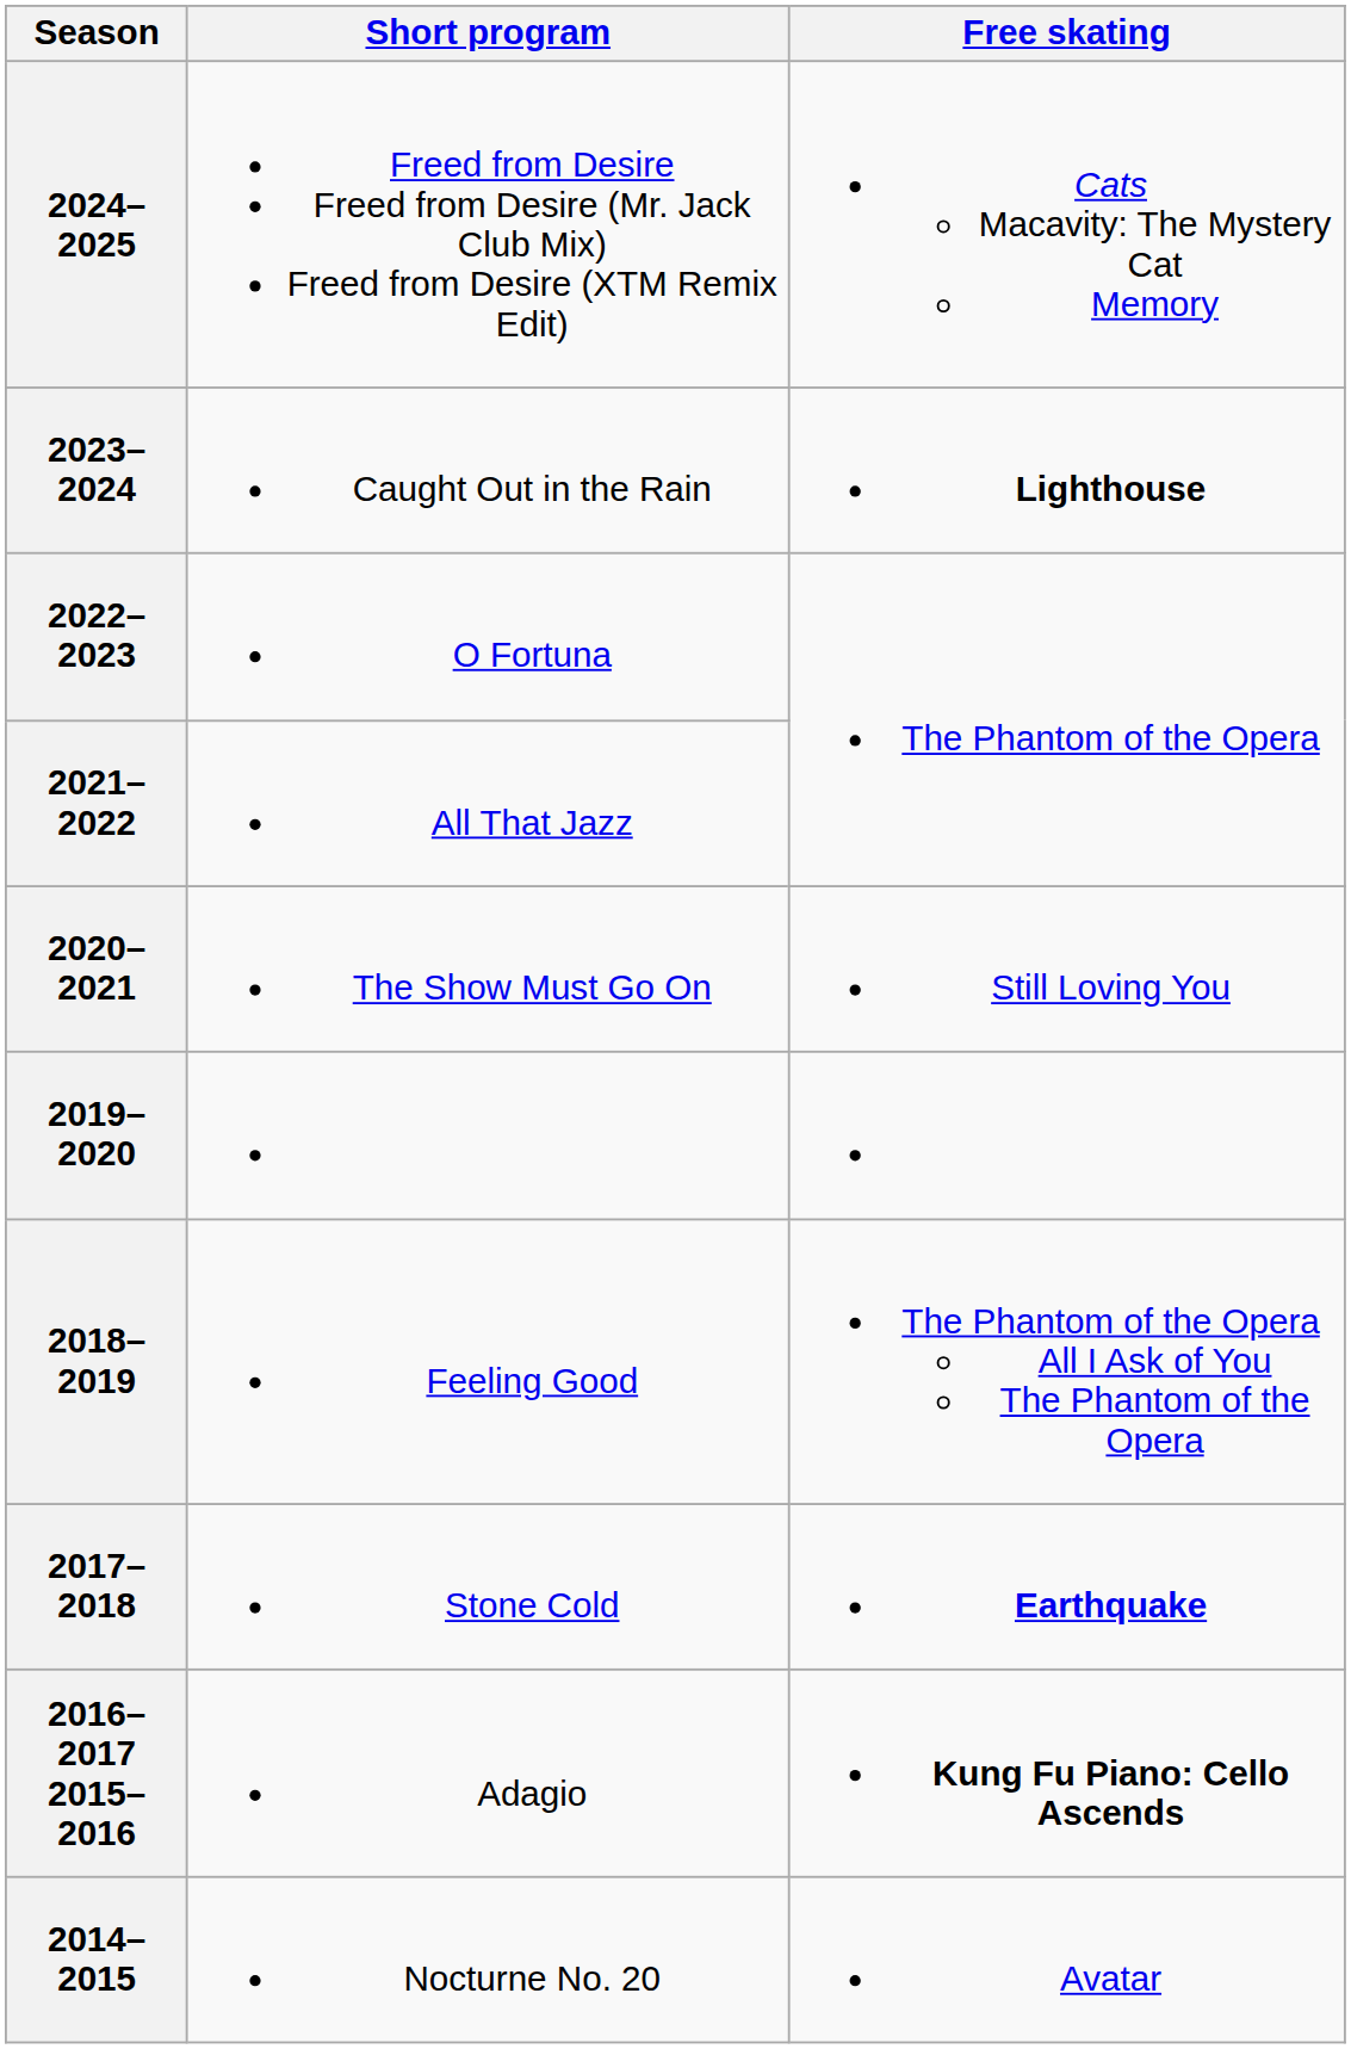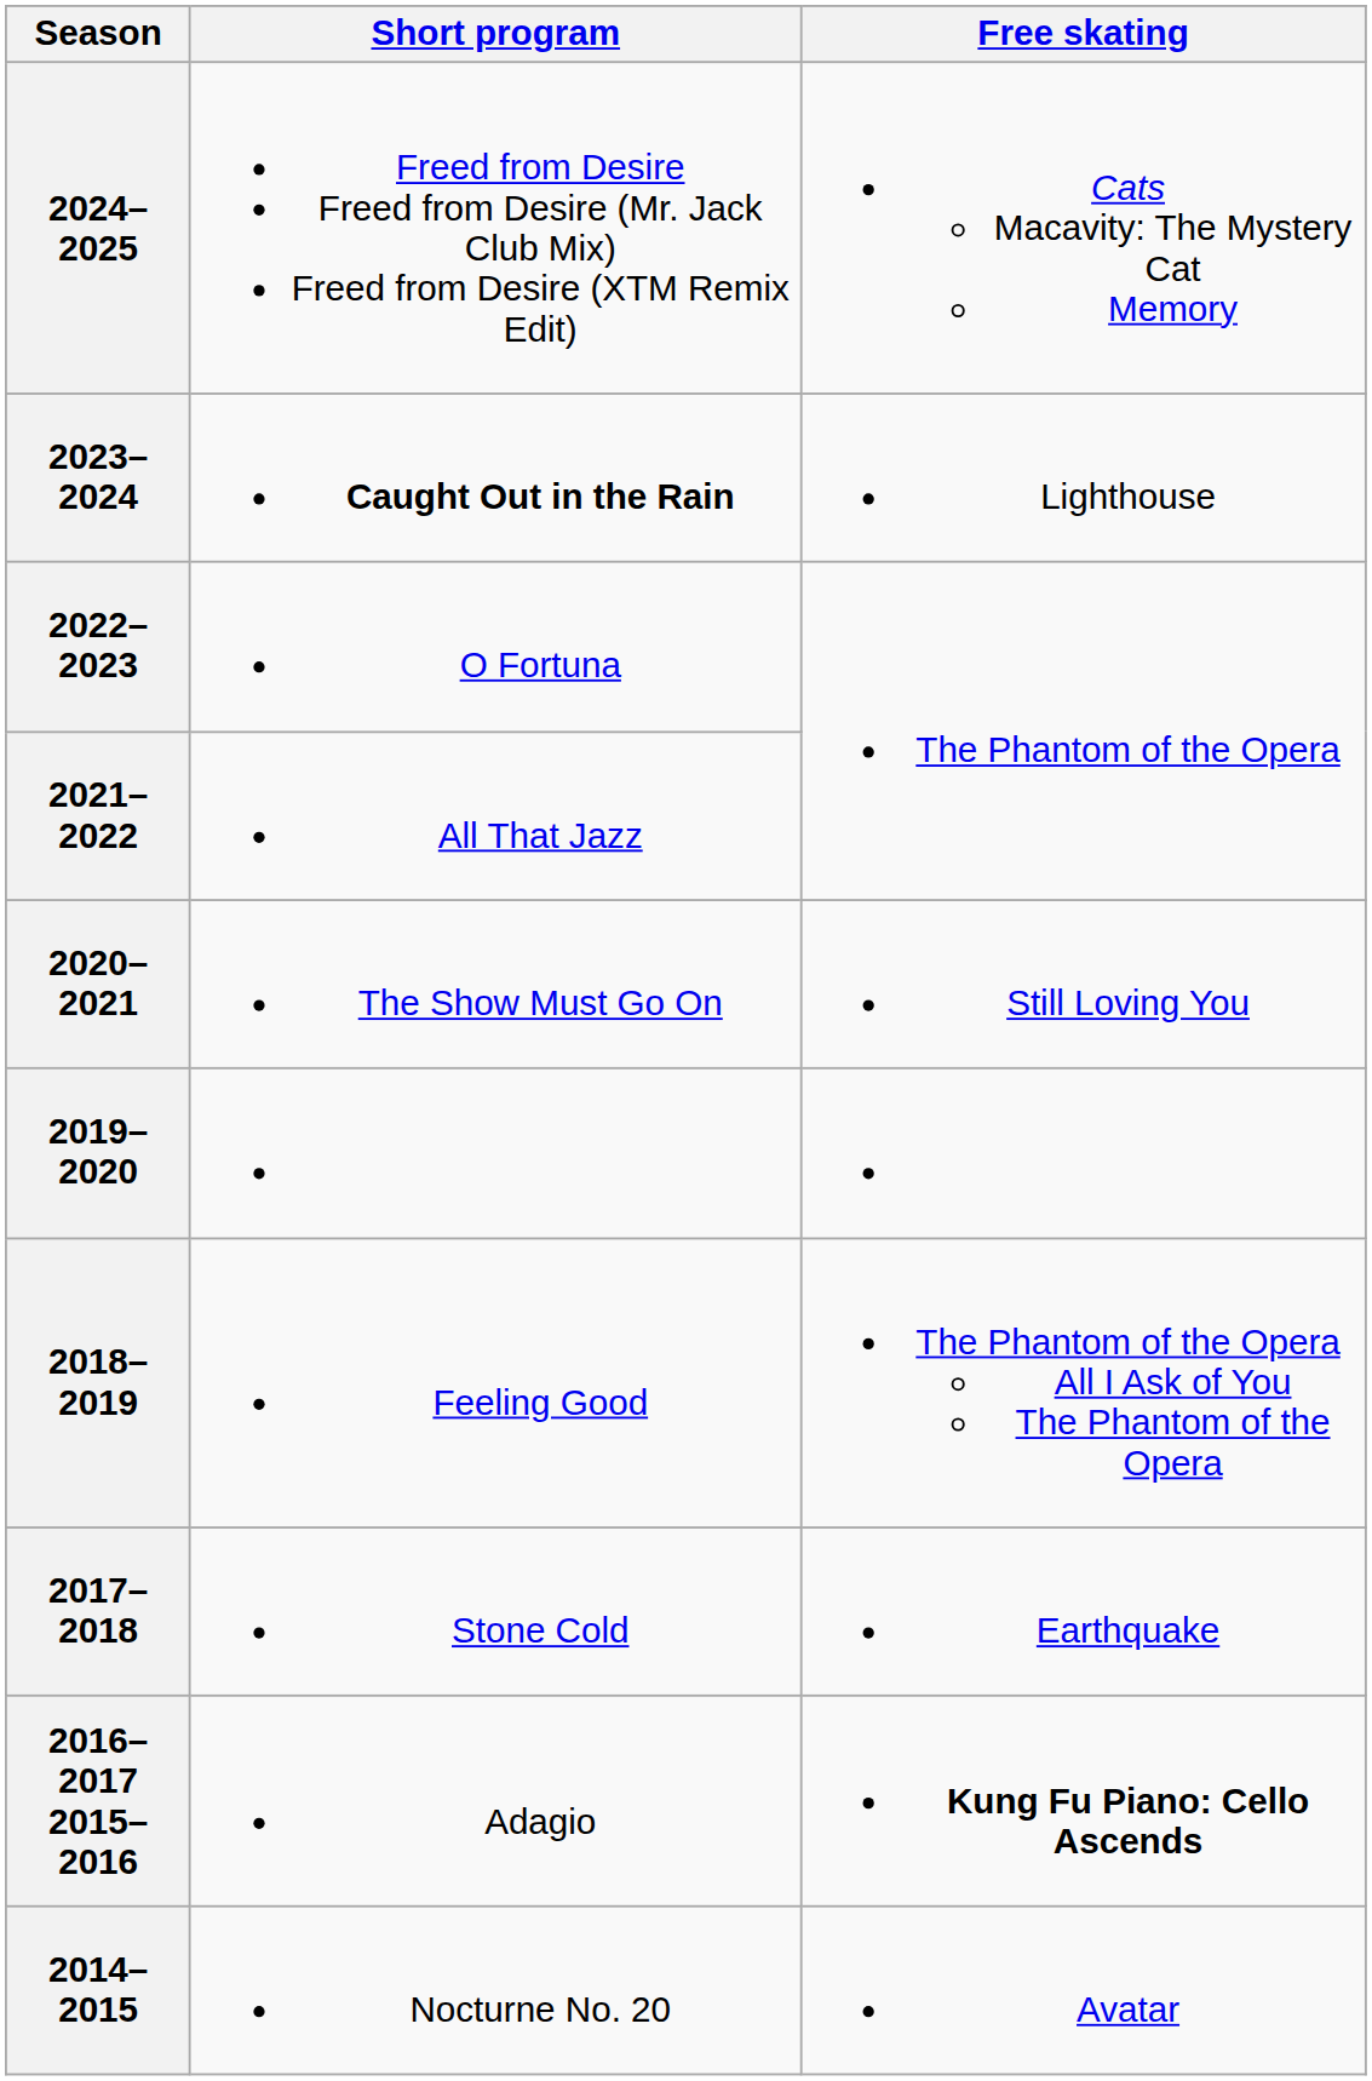 <table class=wikitable style=text-align:center>
 <tr>
 <th>Season</th>
 <th><a href='#'>Short program</a></th>
 <th><a href='#'>Free skating</a></th>
 </tr>
 <tr>
 <th>2024–2025 <br> </th>
 <td><br><ul><li><a href='#'>Freed from Desire</a></li><li>Freed from Desire (Mr. Jack Club Mix)</li><li>Freed from Desire (XTM Remix Edit) <br></li></ul></td>
 <td><br><ul><li><em><a href='#'>Cats</a></em> <br><ul><li>Macavity: The Mystery Cat <br> </li><li><a href='#'>Memory</a> <br> </li></ul></li></ul></td>
 </tr>
 <tr>
 <th>2023–2024</th>
-<td><br><ul><li>Caught Out in the Rain <br></li></ul></td>
-<td><strong><br><ul><li>Lighthouse <br></li></ul></strong></td>
+<td><strong><br><ul><li>Caught Out in the Rain <br></li></ul></strong></td>
+<td><br><ul><li>Lighthouse <br></li></ul></td>
 </tr>
 <tr>
 <th>2022–2023 <br> </th>
 <td><br><ul><li><a href='#'>O Fortuna</a> <br></li></ul></td>
 <td rowspan=2><br><ul><li><a href='#'>The Phantom of the Opera</a> <br></li></ul></td>
 </tr>
 <tr>
 <th>2021–2022 <br> </th>
 <td><br><ul><li><a href='#'>All That Jazz</a> <br></li></ul></td>
 </tr>
 <tr>
 <th>2020–2021 <br> </th>
 <td><br><ul><li><a href='#'>The Show Must Go On</a> <br></li></ul></td>
 <td><br><ul><li><a href='#'>Still Loving You</a> <br></li></ul></td>
 </tr>
 <tr>
 <th>2019–2020</th>
 <td><br><ul><li></li></ul></td>
 <td><br><ul><li></li></ul></td>
 </tr>
 <tr>
 <th>2018–2019 <br> </th>
 <td><br><ul><li><a href='#'>Feeling Good</a> <br></li></ul></td>
 <td><br><ul><li><a href='#'>The Phantom of the Opera</a> <br><ul><li><a href='#'>All I Ask of You</a></li><li><a href='#'>The Phantom of the Opera</a></li></ul></li></ul></td>
 </tr>
 <tr>
 <th>2017–2018 <br> </th>
 <td><br><ul><li><a href='#'>Stone Cold</a> <br></li></ul></td>
-<td><strong><br><ul><li><a href='#'>Earthquake</a> <br></li></ul></strong></td>
+<td><br><ul><li><a href='#'>Earthquake</a> <br></li></ul></td>
 </tr>
 <tr>
 <th>2016–2017 <br> 2015–2016 <br> </th>
 <td><br><ul><li>Adagio <br></li></ul></td>
 <td><strong><br><ul><li>Kung Fu Piano: Cello Ascends <br></li></ul></strong></td>
 </tr>
 <tr>
 <th>2014–2015 <br> </th>
 <td><br><ul><li>Nocturne No. 20 <br></li></ul></td>
 <td><br><ul><li><a href='#'>Avatar</a> <br></li></ul></td>
 </tr>
 </table>
